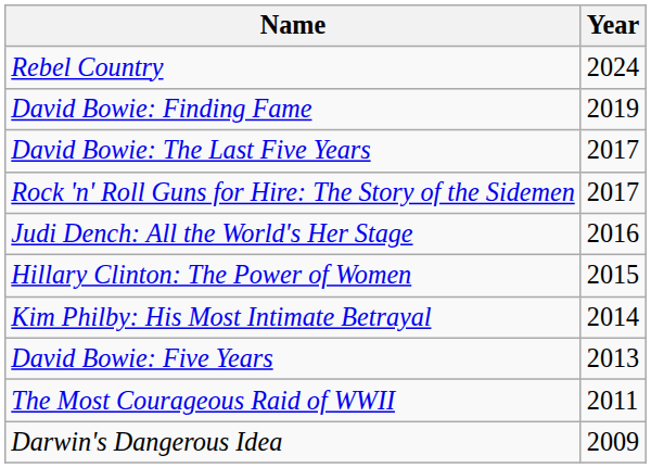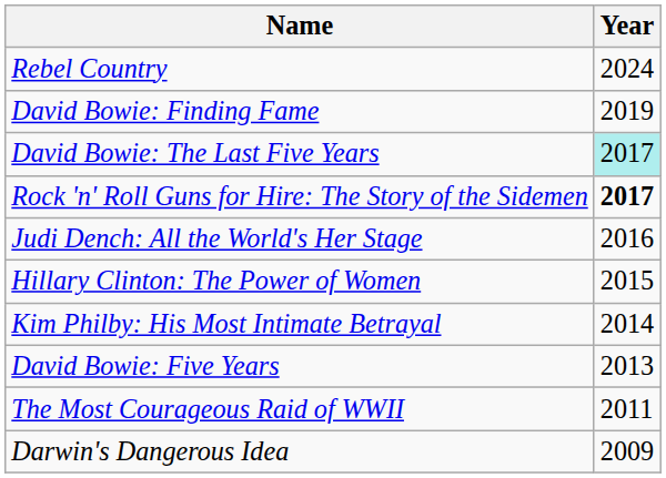 <table class="wikitable">
 <tr>
 <th>Name</th>
 <th>Year</th>
 </tr>
 <tr>
 <td><em><a href='#'>Rebel Country</a></em></td>
 <td>2024</td>
 </tr>
 <tr>
 <td><em><a href='#'>David Bowie: Finding Fame</a></em></td>
 <td>2019</td>
 </tr>
 <tr>
 <td><em><a href='#'>David Bowie: The Last Five Years</a></em></td>
-<td>2017</td>
+<td style="background: paleturquoise;">2017</td>
 </tr>
 <tr>
 <td><em><a href='#'>Rock 'n' Roll Guns for Hire: The Story of the Sidemen</a></em></td>
-<td>2017</td>
+<td><strong>2017</strong></td>
 </tr>
 <tr>
 <td><em><a href='#'>Judi Dench: All the World's Her Stage</a></em></td>
 <td>2016</td>
 </tr>
 <tr>
 <td><em><a href='#'>Hillary Clinton: The Power of Women</a></em></td>
 <td>2015</td>
 </tr>
 <tr>
 <td><em><a href='#'>Kim Philby: His Most Intimate Betrayal</a></em></td>
 <td>2014</td>
 </tr>
 <tr>
 <td><em><a href='#'>David Bowie: Five Years</a></em></td>
 <td>2013</td>
 </tr>
 <tr>
 <td><em><a href='#'>The Most Courageous Raid of WWII</a></em></td>
 <td>2011</td>
 </tr>
 <tr>
 <td><em>Darwin's Dangerous Idea</em></td>
 <td>2009</td>
 </tr>
 </table>
